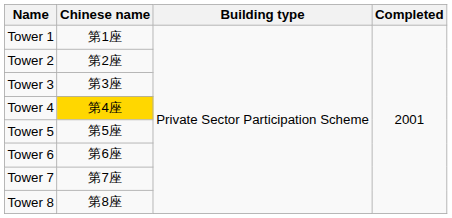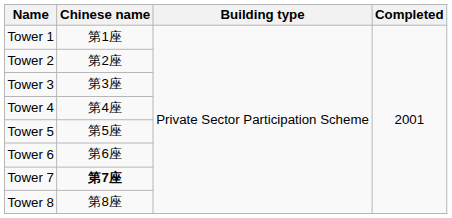 <table class="wikitable" style="text-align: center">
 <tr>
 <th>Name</th>
 <th>Chinese name</th>
 <th>Building type</th>
 <th>Completed</th>
 </tr>
 <tr>
 <td>Tower 1</td>
 <td>第1座</td>
 <td rowspan="8">Private Sector Participation Scheme</td>
 <td rowspan="8">2001</td>
 </tr>
 <tr>
 <td>Tower 2</td>
 <td>第2座</td>
 </tr>
 <tr>
 <td>Tower 3</td>
 <td>第3座</td>
 </tr>
 <tr>
 <td>Tower 4</td>
-<td style="background: gold;">第4座</td>
+<td>第4座</td>
 </tr>
 <tr>
 <td>Tower 5</td>
 <td>第5座</td>
 </tr>
 <tr>
 <td>Tower 6</td>
 <td>第6座</td>
 </tr>
 <tr>
 <td>Tower 7</td>
-<td>第7座</td>
+<td><strong>第7座</strong></td>
 </tr>
 <tr>
 <td>Tower 8</td>
 <td>第8座</td>
 </tr>
 </table>
